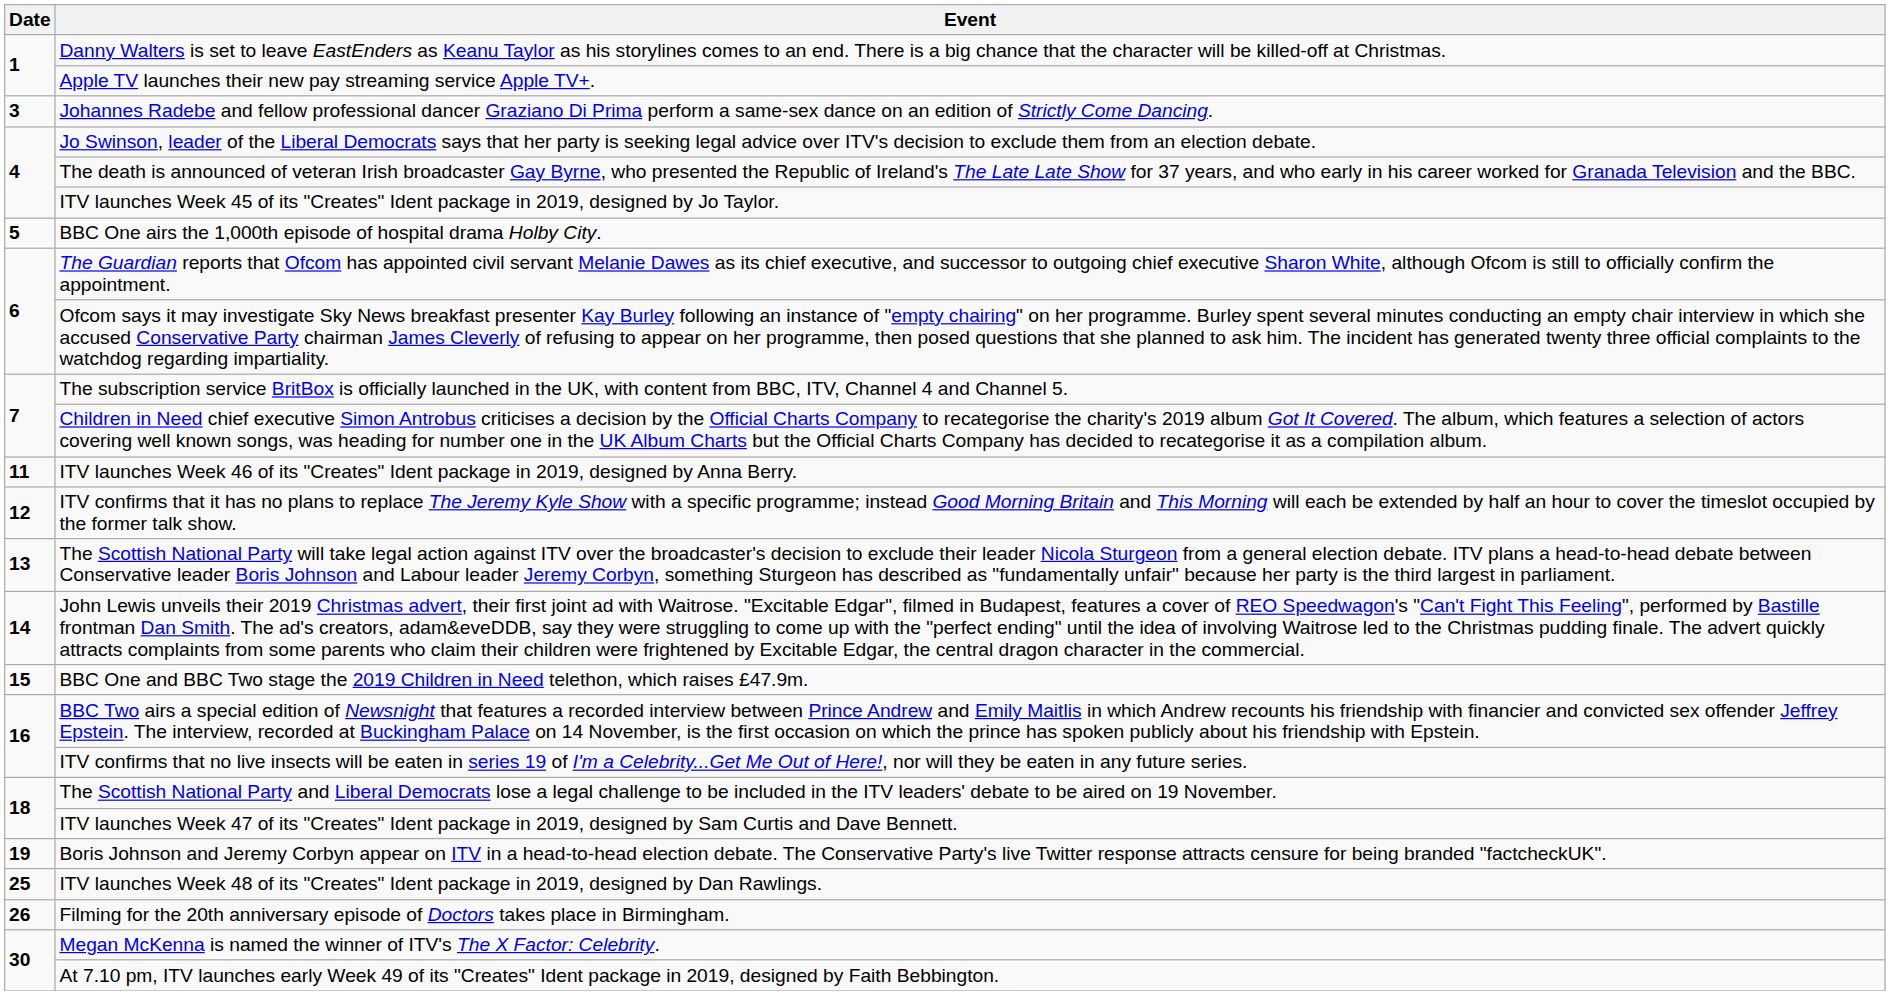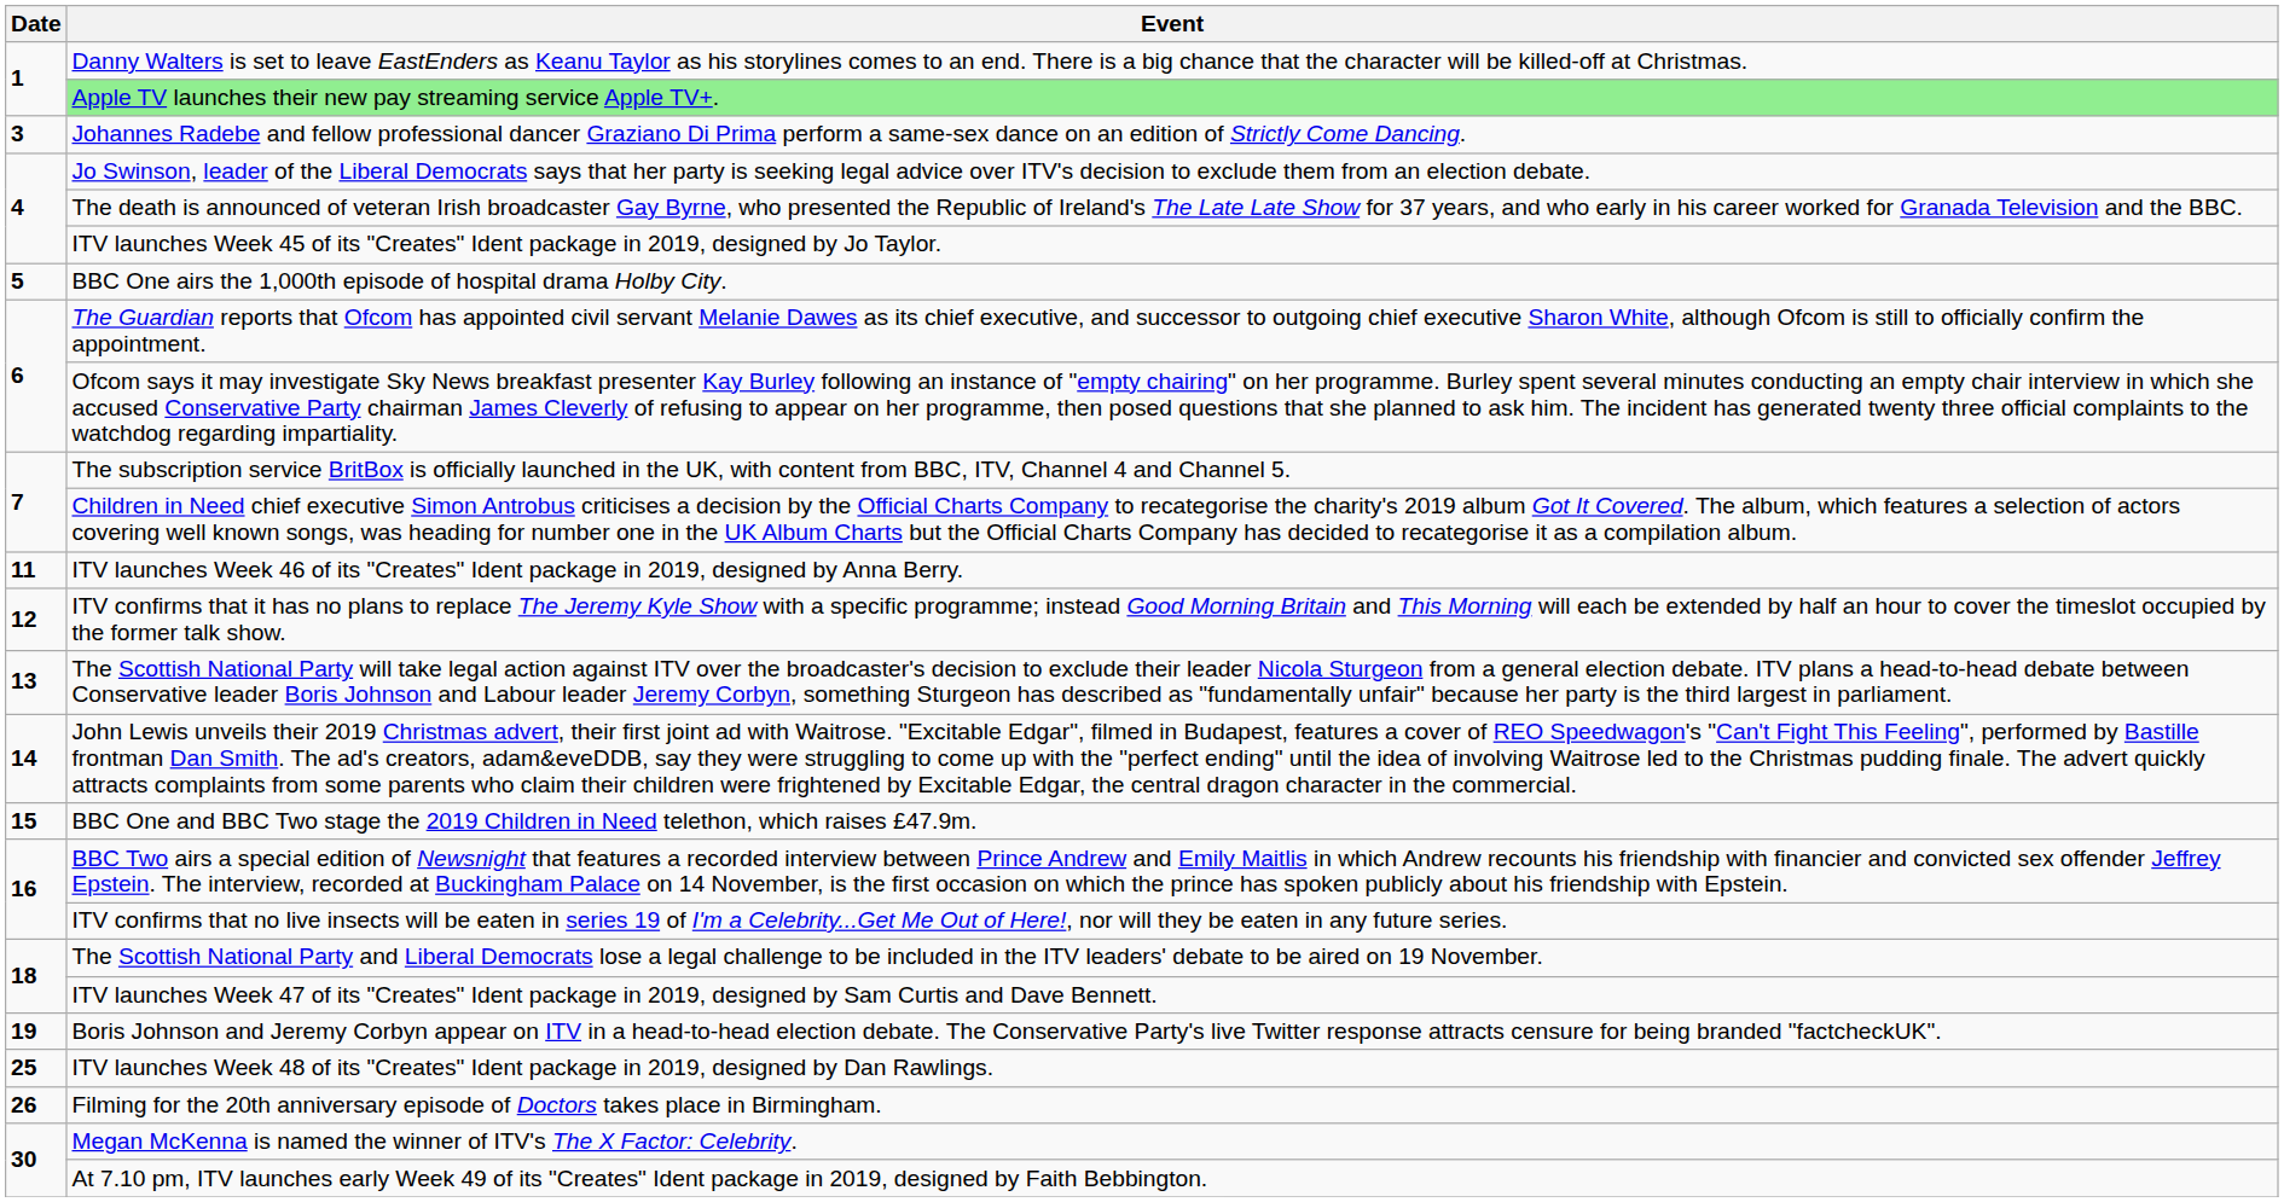 <table class="wikitable">
 <tr>
 <th>Date</th>
 <th>Event</th>
 </tr>
 <tr>
 <td rowspan="2"><strong>1</strong></td>
 <td><a href='#'>Danny Walters</a> is set to leave <em>EastEnders</em> as <a href='#'>Keanu Taylor</a> as his storylines comes to an end. There is a big chance that the character will be killed-off at Christmas.</td>
 </tr>
 <tr>
-<td><a href='#'>Apple TV</a> launches their new pay streaming service <a href='#'>Apple TV+</a>.</td>
+<td style="background: lightgreen;"><a href='#'>Apple TV</a> launches their new pay streaming service <a href='#'>Apple TV+</a>.</td>
 </tr>
 <tr>
 <td><strong>3</strong></td>
 <td><a href='#'>Johannes Radebe</a> and fellow professional dancer <a href='#'>Graziano Di Prima</a> perform a same-sex dance on an edition of <em><a href='#'>Strictly Come Dancing</a></em>.</td>
 </tr>
 <tr>
 <td rowspan="3"><strong>4</strong></td>
 <td><a href='#'>Jo Swinson</a>, <a href='#'>leader</a> of the <a href='#'>Liberal Democrats</a> says that her party is seeking legal advice over ITV's decision to exclude them from an election debate.</td>
 </tr>
 <tr>
 <td>The death is announced of veteran Irish broadcaster <a href='#'>Gay Byrne</a>, who presented the Republic of Ireland's <em><a href='#'>The Late Late Show</a></em> for 37 years, and who early in his career worked for <a href='#'>Granada Television</a> and the BBC.</td>
 </tr>
 <tr>
 <td>ITV launches Week 45 of its "Creates" Ident package in 2019, designed by Jo Taylor.</td>
 </tr>
 <tr>
 <td><strong>5</strong></td>
 <td>BBC One airs the 1,000th episode of hospital drama <em>Holby City</em>.</td>
 </tr>
 <tr>
 <td rowspan=2><strong>6</strong></td>
 <td><em><a href='#'>The Guardian</a></em> reports that <a href='#'>Ofcom</a> has appointed civil servant <a href='#'>Melanie Dawes</a> as its chief executive, and successor to outgoing chief executive <a href='#'>Sharon White</a>, although Ofcom is still to officially confirm the appointment.</td>
 </tr>
 <tr>
 <td>Ofcom says it may investigate Sky News breakfast presenter <a href='#'>Kay Burley</a> following an instance of "<a href='#'>empty chairing</a>" on her programme. Burley spent several minutes conducting an empty chair interview in which she accused <a href='#'>Conservative Party</a> chairman <a href='#'>James Cleverly</a> of refusing to appear on her programme, then posed questions that she planned to ask him. The incident has generated twenty three official complaints to the watchdog regarding impartiality.</td>
 </tr>
 <tr>
 <td rowspan=2><strong>7</strong></td>
 <td>The subscription service <a href='#'>BritBox</a> is officially launched in the UK, with content from BBC, ITV, Channel 4 and Channel 5.</td>
 </tr>
 <tr>
 <td><a href='#'>Children in Need</a> chief executive <a href='#'>Simon Antrobus</a> criticises a decision by the <a href='#'>Official Charts Company</a> to recategorise the charity's 2019 album <em><a href='#'>Got It Covered</a></em>. The album, which features a selection of actors covering well known songs, was heading for number one in the <a href='#'>UK Album Charts</a> but the Official Charts Company has decided to recategorise it as a compilation album.</td>
 </tr>
 <tr>
 <td><strong>11</strong></td>
 <td>ITV launches Week 46 of its "Creates" Ident package in 2019, designed by Anna Berry.</td>
 </tr>
 <tr>
 <td><strong>12</strong></td>
 <td>ITV confirms that it has no plans to replace <em><a href='#'>The Jeremy Kyle Show</a></em> with a specific programme; instead <em><a href='#'>Good Morning Britain</a></em> and <em><a href='#'>This Morning</a></em> will each be extended by half an hour to cover the timeslot occupied by the former talk show.</td>
 </tr>
 <tr>
 <td><strong>13</strong></td>
 <td>The <a href='#'>Scottish National Party</a> will take legal action against ITV over the broadcaster's decision to exclude their leader <a href='#'>Nicola Sturgeon</a> from a general election debate. ITV plans a head-to-head debate between Conservative leader <a href='#'>Boris Johnson</a> and Labour leader <a href='#'>Jeremy Corbyn</a>, something Sturgeon has described as "fundamentally unfair" because her party is the third largest in parliament.</td>
 </tr>
 <tr>
 <td><strong>14</strong></td>
 <td>John Lewis unveils their 2019 <a href='#'>Christmas advert</a>, their first joint ad with Waitrose. "Excitable Edgar", filmed in Budapest, features a cover of <a href='#'>REO Speedwagon</a>'s "<a href='#'>Can't Fight This Feeling</a>", performed by <a href='#'>Bastille</a> frontman <a href='#'>Dan Smith</a>. The ad's creators, adam&eveDDB, say they were struggling to come up with the "perfect ending" until the idea of involving Waitrose led to the Christmas pudding finale. The advert quickly attracts complaints from some parents who claim their children were frightened by Excitable Edgar, the central dragon character in the commercial.</td>
 </tr>
 <tr>
 <td><strong>15</strong></td>
 <td>BBC One and BBC Two stage the <a href='#'>2019 Children in Need</a> telethon, which raises £47.9m.</td>
 </tr>
 <tr>
 <td rowspan=2><strong>16</strong></td>
 <td><a href='#'>BBC Two</a> airs a special edition of <em><a href='#'>Newsnight</a></em> that features a recorded interview between <a href='#'>Prince Andrew</a> and <a href='#'>Emily Maitlis</a> in which Andrew recounts his friendship with financier and convicted sex offender <a href='#'>Jeffrey Epstein</a>. The interview, recorded at <a href='#'>Buckingham Palace</a> on 14 November, is the first occasion on which the prince has spoken publicly about his friendship with Epstein.</td>
 </tr>
 <tr>
 <td>ITV confirms that no live insects will be eaten in <a href='#'>series 19</a> of <em><a href='#'>I'm a Celebrity...Get Me Out of Here!</a></em>, nor will they be eaten in any future series.</td>
 </tr>
 <tr>
 <td rowspan=2><strong>18</strong></td>
 <td>The <a href='#'>Scottish National Party</a> and <a href='#'>Liberal Democrats</a> lose a legal challenge to be included in the ITV leaders' debate to be aired on 19 November.</td>
 </tr>
 <tr>
 <td>ITV launches Week 47 of its "Creates" Ident package in 2019, designed by Sam Curtis and Dave Bennett.</td>
 </tr>
 <tr>
 <td><strong>19</strong></td>
 <td>Boris Johnson and Jeremy Corbyn appear on <a href='#'>ITV</a> in a head-to-head election debate. The Conservative Party's live Twitter response attracts censure for being branded "factcheckUK".</td>
 </tr>
 <tr>
 <td><strong>25</strong></td>
 <td>ITV launches Week 48 of its "Creates" Ident package in 2019, designed by Dan Rawlings.</td>
 </tr>
 <tr>
 <td><strong>26</strong></td>
 <td>Filming for the 20th anniversary episode of <em><a href='#'>Doctors</a></em> takes place in Birmingham.</td>
 </tr>
 <tr>
 <td rowspan=2><strong>30</strong></td>
 <td><a href='#'>Megan McKenna</a> is named the winner of ITV's <em><a href='#'>The X Factor: Celebrity</a></em>.</td>
 </tr>
 <tr>
 <td>At 7.10 pm, ITV launches early Week 49 of its "Creates" Ident package in 2019, designed by Faith Bebbington.</td>
 </tr>
 </table>
